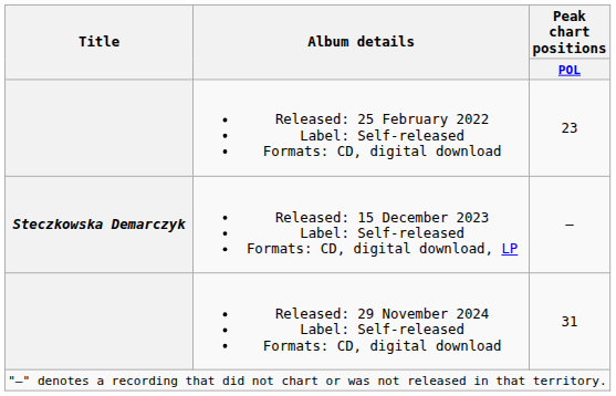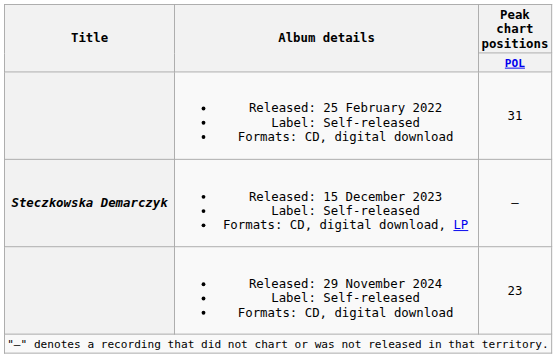 <table class="wikitable plainrowheaders" style="text-align:center;">
 <tr>
 <th rowspan="2" scope="col">Title</th>
 <th rowspan="2" scope="col">Album details</th>
 <th colspan="1" scope="col">Peak chart positions</th>
 </tr>
 <tr>
 <th scope="col" style="width:3em;font-size:90%;"><a href='#'>POL</a><br></th>
 </tr>
 <tr>
 <th scope="row"></th>
 <td><br><ul><li>Released: 25 February 2022</li><li>Label: Self-released</li><li>Formats: CD, digital download</li></ul></td>
-<td>23</td>
+<td>31</td>
 </tr>
 <tr>
 <th scope="row"><em>Steczkowska Demarczyk</em></th>
 <td><br><ul><li>Released: 15 December 2023</li><li>Label: Self-released</li><li>Formats: CD, digital download, <a href='#'>LP</a></li></ul></td>
 <td>—</td>
 </tr>
 <tr>
 <th scope="row"></th>
 <td><br><ul><li>Released: 29 November 2024</li><li>Label: Self-released</li><li>Formats: CD, digital download</li></ul></td>
-<td>31</td>
+<td>23</td>
 </tr>
 <tr>
 <td colspan="3" style="font-size:90%">"—" denotes a recording that did not chart or was not released in that territory.</td>
 </tr>
 </table>
